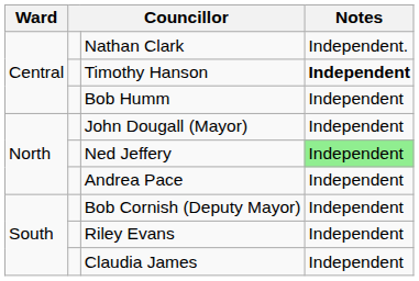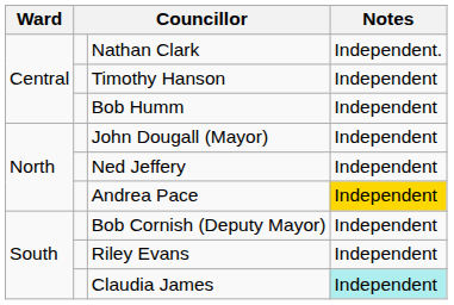 <table class="wikitable">
 <tr>
 <th>Ward</th>
 <th colspan="2">Councillor</th>
 <th>Notes</th>
 </tr>
 <tr>
 <td rowspan="3">Central</td>
 <td> </td>
 <td>Nathan Clark</td>
 <td>Independent.</td>
 </tr>
 <tr>
 <td> </td>
 <td>Timothy Hanson</td>
-<td><strong>Independent</strong></td>
+<td>Independent</td>
 </tr>
 <tr>
 <td> </td>
 <td>Bob Humm</td>
 <td>Independent</td>
 </tr>
 <tr>
 <td rowspan="3">North</td>
 <td> </td>
 <td>John Dougall (Mayor)</td>
 <td>Independent</td>
 </tr>
 <tr>
 <td> </td>
 <td>Ned Jeffery</td>
-<td style="background: lightgreen;">Independent</td>
+<td>Independent</td>
 </tr>
 <tr>
 <td> </td>
 <td>Andrea Pace</td>
-<td>Independent</td>
+<td style="background: gold;">Independent</td>
 </tr>
 <tr>
 <td rowspan="3">South</td>
 <td> </td>
 <td>Bob Cornish (Deputy Mayor)</td>
 <td>Independent</td>
 </tr>
 <tr>
 <td> </td>
 <td>Riley Evans</td>
 <td>Independent</td>
 </tr>
 <tr>
 <td> </td>
 <td>Claudia James</td>
-<td>Independent</td>
+<td style="background: paleturquoise;">Independent</td>
 </tr>
 </table>
